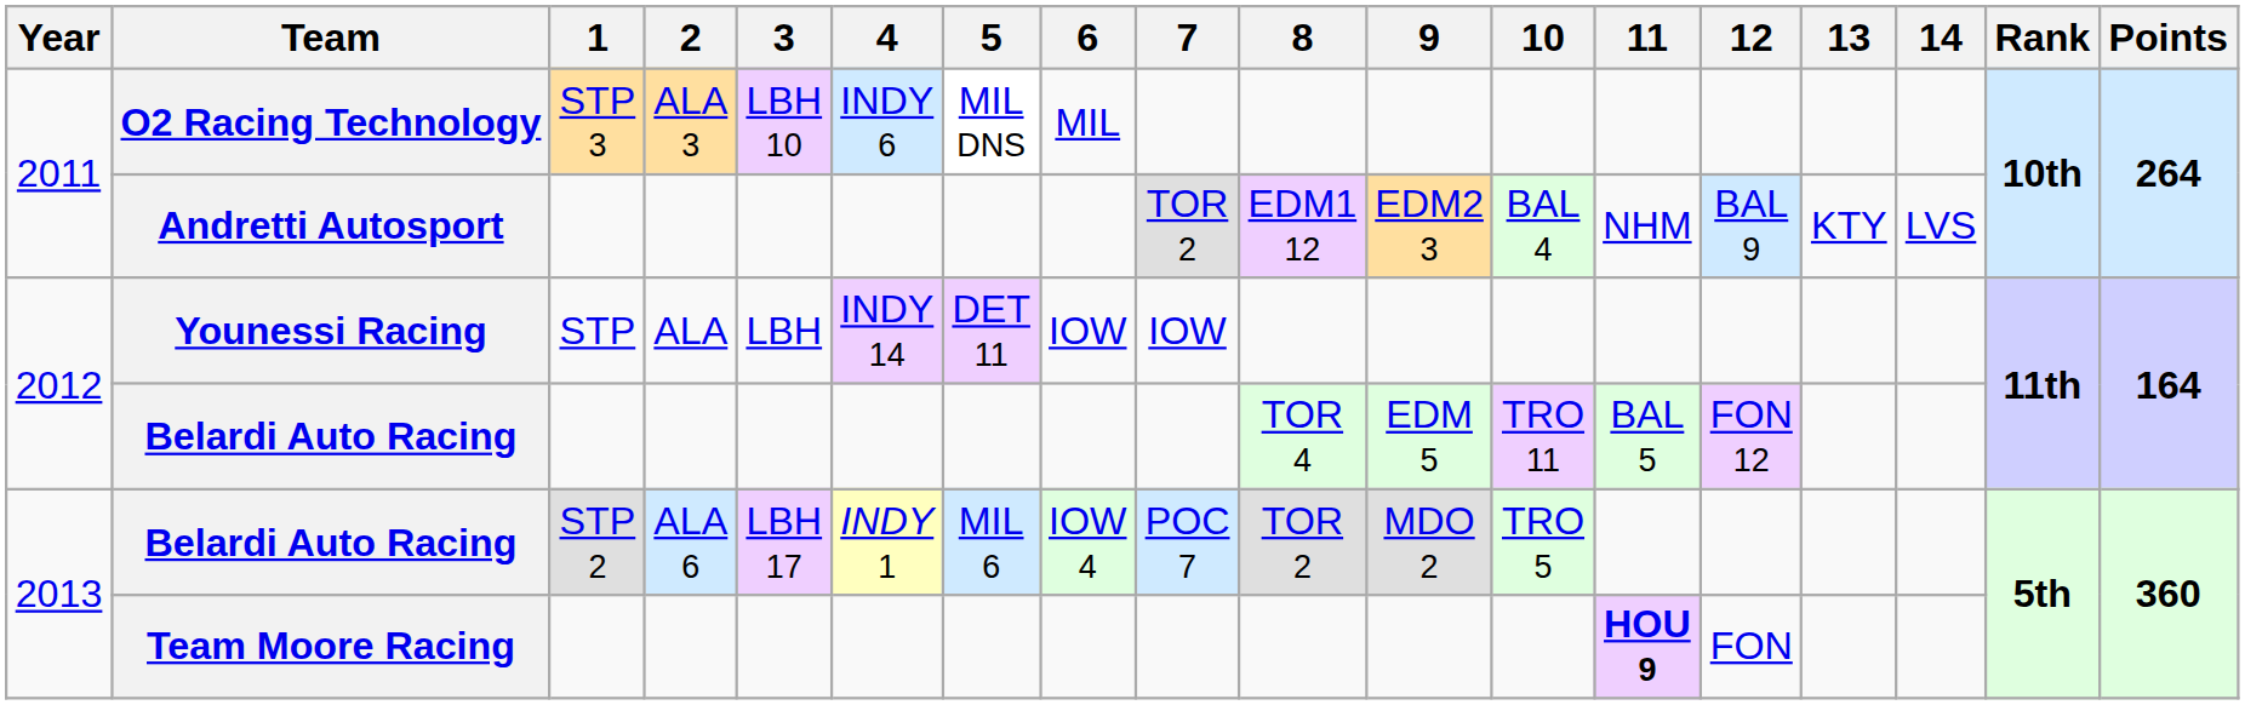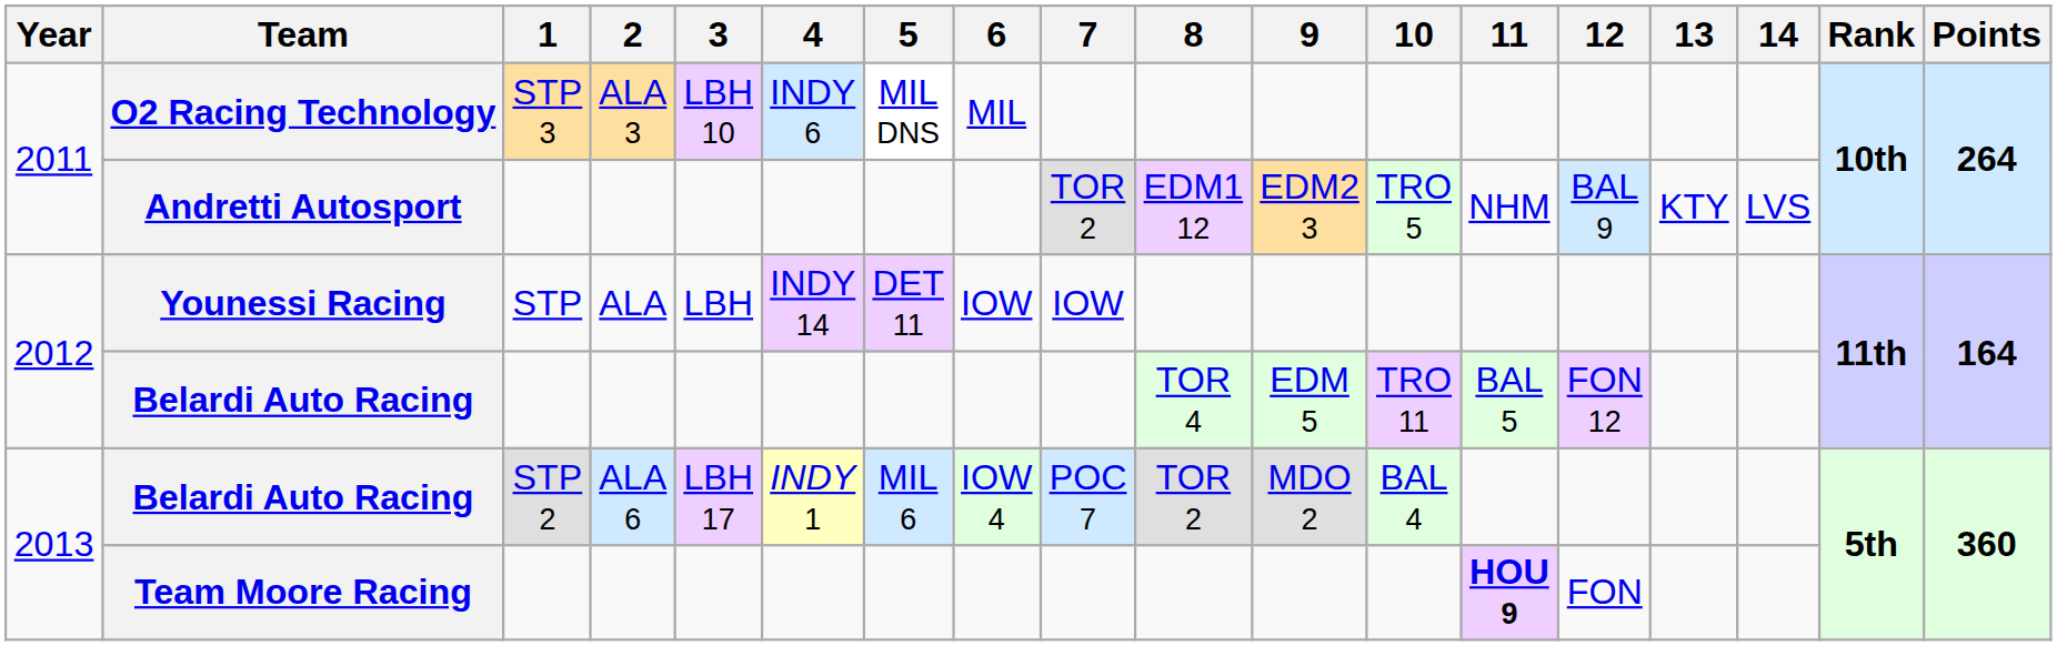 <table class="wikitable" style="text-align:center; font-size:90%">
 <tr>
 <th>Year</th>
 <th>Team</th>
 <th>1</th>
 <th>2</th>
 <th>3</th>
 <th>4</th>
 <th>5</th>
 <th>6</th>
 <th>7</th>
 <th>8</th>
 <th>9</th>
 <th>10</th>
 <th>11</th>
 <th>12</th>
 <th>13</th>
 <th>14</th>
 <th>Rank</th>
 <th>Points</th>
 </tr>
 <tr>
 <td rowspan=2><a href='#'>2011</a></td>
 <th><a href='#'>O2 Racing Technology</a></th>
 <td style="background:#FFDF9F;"><a href='#'>STP</a><br><small>3</small></td>
 <td style="background:#FFDF9F;"><a href='#'>ALA</a><br><small>3</small></td>
 <td style="background:#EFCFFF;"><a href='#'>LBH</a><br><small>10</small></td>
 <td style="background:#CFEAFF;"><a href='#'>INDY</a><br><small>6</small></td>
 <td style="background:#FFFFFF;"><a href='#'>MIL</a><br><small>DNS</small></td>
 <td><a href='#'>MIL</a></td>
 <td></td>
 <td></td>
 <td></td>
 <td></td>
 <td></td>
 <td></td>
 <td></td>
 <td></td>
 <td rowspan=2 style="background:#CFEAFF;"><strong>10th</strong></td>
 <td rowspan=2 style="background:#CFEAFF;"><strong>264</strong></td>
 </tr>
 <tr>
 <th><a href='#'>Andretti Autosport</a></th>
 <td></td>
 <td></td>
 <td></td>
 <td></td>
 <td></td>
 <td></td>
 <td style="background:#DFDFDF;"><a href='#'>TOR</a><br><small>2</small></td>
 <td style="background:#EFCFFF;"><a href='#'>EDM1</a><br><small>12</small></td>
 <td style="background:#FFDF9F;"><a href='#'>EDM2</a><br><small>3</small></td>
-<td style="background:#DFFFDF;"><a href='#'>BAL</a><br><small>4</small></td>
+<td style="background:#DFFFDF;"><a href='#'>TRO</a><br><small>5</small></td>
 <td><a href='#'>NHM</a></td>
 <td style="background:#CFEAFF;"><a href='#'>BAL</a><br><small>9</small></td>
 <td><a href='#'>KTY</a></td>
 <td><a href='#'>LVS</a></td>
 </tr>
 <tr>
 <td rowspan=2><a href='#'>2012</a></td>
 <th><a href='#'>Younessi Racing</a></th>
 <td><a href='#'>STP</a></td>
 <td><a href='#'>ALA</a></td>
 <td><a href='#'>LBH</a></td>
 <td style="background:#EFCFFF;"><a href='#'>INDY</a><br><small>14</small></td>
 <td style="background:#EFCFFF;"><a href='#'>DET</a><br><small>11</small></td>
 <td><a href='#'>IOW</a></td>
 <td><a href='#'>IOW</a></td>
 <td></td>
 <td></td>
 <td></td>
 <td></td>
 <td></td>
 <td></td>
 <td></td>
 <td rowspan=2 style="background:#CFCFFF;"><strong>11th</strong></td>
 <td rowspan=2 style="background:#CFCFFF;"><strong>164</strong></td>
 </tr>
 <tr>
 <th><a href='#'>Belardi Auto Racing</a></th>
 <td></td>
 <td></td>
 <td></td>
 <td></td>
 <td></td>
 <td></td>
 <td></td>
 <td style="background:#DFFFDF;"><a href='#'>TOR</a><br><small>4</small></td>
 <td style="background:#DFFFDF;"><a href='#'>EDM</a><br><small>5</small></td>
 <td style="background:#EFCFFF;"><a href='#'>TRO</a><br><small>11</small></td>
 <td style="background:#DFFFDF;"><a href='#'>BAL</a><br><small>5</small></td>
 <td style="background:#EFCFFF;"><a href='#'>FON</a><br><small>12</small></td>
 <td></td>
 <td></td>
 </tr>
 <tr>
 <td rowspan=2><a href='#'>2013</a></td>
 <th><a href='#'>Belardi Auto Racing</a></th>
 <td style="background:#DFDFDF;"><a href='#'>STP</a><br><small>2</small></td>
 <td style="background:#CFEAFF;"><a href='#'>ALA</a><br><small>6</small></td>
 <td style="background:#EFCFFF;"><a href='#'>LBH</a><br><small>17</small></td>
 <td style="background:#FFFFBF;"><em><a href='#'>INDY</a></em><br><small>1</small></td>
 <td style="background:#CFEAFF;"><a href='#'>MIL</a><br><small>6</small></td>
 <td style="background:#DFFFDF;"><a href='#'>IOW</a><br><small>4</small></td>
 <td style="background:#CFEAFF;"><a href='#'>POC</a><br><small>7</small></td>
 <td style="background:#DFDFDF;"><a href='#'>TOR</a><br><small>2</small></td>
 <td style="background:#DFDFDF;"><a href='#'>MDO</a><br><small>2</small></td>
-<td style="background:#DFFFDF;"><a href='#'>TRO</a><br><small>5</small></td>
+<td style="background:#DFFFDF;"><a href='#'>BAL</a><br><small>4</small></td>
 <td></td>
 <td></td>
 <td></td>
 <td></td>
 <td rowspan=2 style="background:#DFFFDF;"><strong>5th</strong></td>
 <td rowspan=2 style="background:#DFFFDF;"><strong>360</strong></td>
 </tr>
 <tr>
 <th><a href='#'>Team Moore Racing</a></th>
 <td></td>
 <td></td>
 <td></td>
 <td></td>
 <td></td>
 <td></td>
 <td></td>
 <td></td>
 <td></td>
 <td></td>
 <td style="background:#EFCFFF;"><strong><a href='#'>HOU</a><br><small>9</small></strong></td>
 <td><a href='#'>FON</a><br><small></small></td>
 <td></td>
 <td></td>
 </tr>
 </table>
